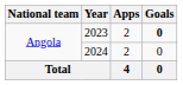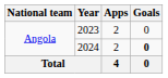 <table class=wikitable style=text-align:center>
 <tr>
 <th>National team</th>
 <th>Year</th>
 <th>Apps</th>
 <th>Goals</th>
 </tr>
 <tr>
 <td rowspan=2><a href='#'>Angola</a></td>
 <td>2023</td>
 <td>2</td>
-<td><strong>0</strong></td>
+<td>0</td>
 </tr>
 <tr>
 <td>2024</td>
 <td>2</td>
-<td>0</td>
+<td><strong>0</strong></td>
 </tr>
 <tr>
 <th colspan="2">Total</th>
 <th>4</th>
 <th>0</th>
 </tr>
 </table>
